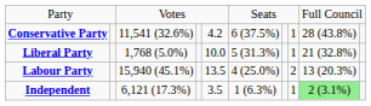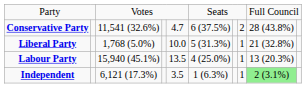 <table class=wikitable style="text-align:center;">
 <tr>
 <td colspan=2>Party</td>
 <td colspan=3>Votes</td>
 <td colspan=3>Seats</td>
 <td colspan=3>Full Council</td>
 </tr>
 <tr>
 <td><strong><a href='#'>Conservative Party</a></strong></td>
 <td style="background:"></td>
 <td>11,541 (32.6%)</td>
 <td></td>
-<td> 4.2</td>
+<td> 4.7</td>
 <td>6 (37.5%)</td>
 <td></td>
-<td> 1</td>
+<td> 2</td>
 <td>28 (43.8%)</td>
 <td></td>
 </tr>
 <tr>
 <td><strong><a href='#'>Liberal Party</a></strong></td>
 <td style="background:"></td>
 <td>1,768 (5.0%)</td>
 <td></td>
 <td> 10.0</td>
 <td>5 (31.3%)</td>
 <td></td>
 <td> 1</td>
 <td>21 (32.8%)</td>
 <td></td>
 </tr>
 <tr>
 <td><strong><a href='#'>Labour Party</a></strong></td>
 <td style="background:"></td>
 <td>15,940 (45.1%)</td>
 <td></td>
 <td> 13.5</td>
 <td>4 (25.0%)</td>
 <td></td>
-<td> 2</td>
+<td> 1</td>
 <td>13 (20.3%)</td>
 <td></td>
 </tr>
 <tr>
 <td><strong><a href='#'>Independent</a></strong></td>
 <td style="background:"></td>
 <td>6,121 (17.3%)</td>
 <td></td>
 <td> 3.5</td>
 <td>1 (6.3%)</td>
 <td></td>
 <td> 1</td>
 <td style="background: lightgreen;">2 (3.1%)</td>
 <td></td>
 </tr>
 </table>
